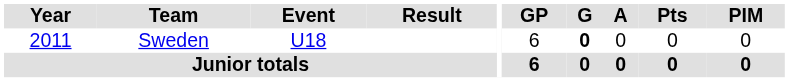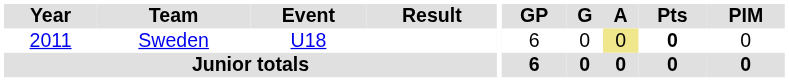 <table border="0" cellpadding="1" cellspacing="0" ID="Table3" style="text-align:center; width:40em">
 <tr ALIGN="center" bgcolor="#e0e0e0">
 <th>Year</th>
 <th>Team</th>
 <th>Event</th>
 <th>Result</th>
 <th rowspan="99" bgcolor="#ffffff"></th>
 <th>GP</th>
 <th>G</th>
 <th>A</th>
 <th>Pts</th>
 <th>PIM</th>
 </tr>
 <tr>
 <td><a href='#'>2011</a></td>
 <td><a href='#'>Sweden</a></td>
 <td><a href='#'>U18</a></td>
 <td></td>
 <td>6</td>
+<td>0</td>
+<td style="background: khaki;">0</td>
 <td><strong>0</strong></td>
-<td>0</td>
-<td>0</td>
 <td>0</td>
 </tr>
 <tr bgcolor="#e0e0e0">
 <th colspan="4">Junior totals</th>
 <th>6</th>
 <th>0</th>
 <th>0</th>
 <th>0</th>
 <th>0</th>
 </tr>
 </table>
